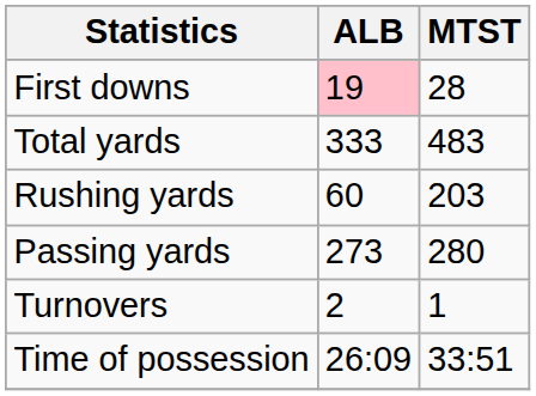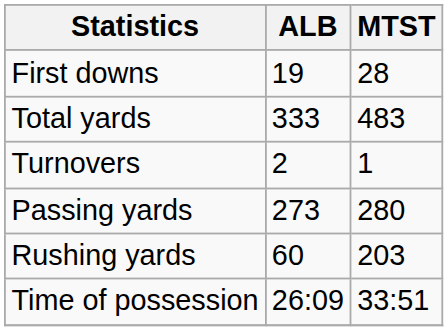 <table class="wikitable">
 <tr>
 <th>Statistics</th>
 <th>ALB</th>
 <th>MTST</th>
 </tr>
 <tr>
 <td>First downs</td>
-<td style="background: pink;">19</td>
+<td>19</td>
 <td>28</td>
 </tr>
 <tr>
 <td>Total yards</td>
 <td>333</td>
 <td>483</td>
 </tr>
 <tr>
-<td>Rushing yards</td>
-<td>60</td>
-<td>203</td>
+<td>Turnovers</td>
+<td>2</td>
+<td>1</td>
 </tr>
 <tr>
 <td>Passing yards</td>
 <td>273</td>
 <td>280</td>
 </tr>
 <tr>
-<td>Turnovers</td>
-<td>2</td>
-<td>1</td>
+<td>Rushing yards</td>
+<td>60</td>
+<td>203</td>
 </tr>
 <tr>
 <td>Time of possession</td>
 <td>26:09</td>
 <td>33:51</td>
 </tr>
 <tr>
 </tr>
 </table>
